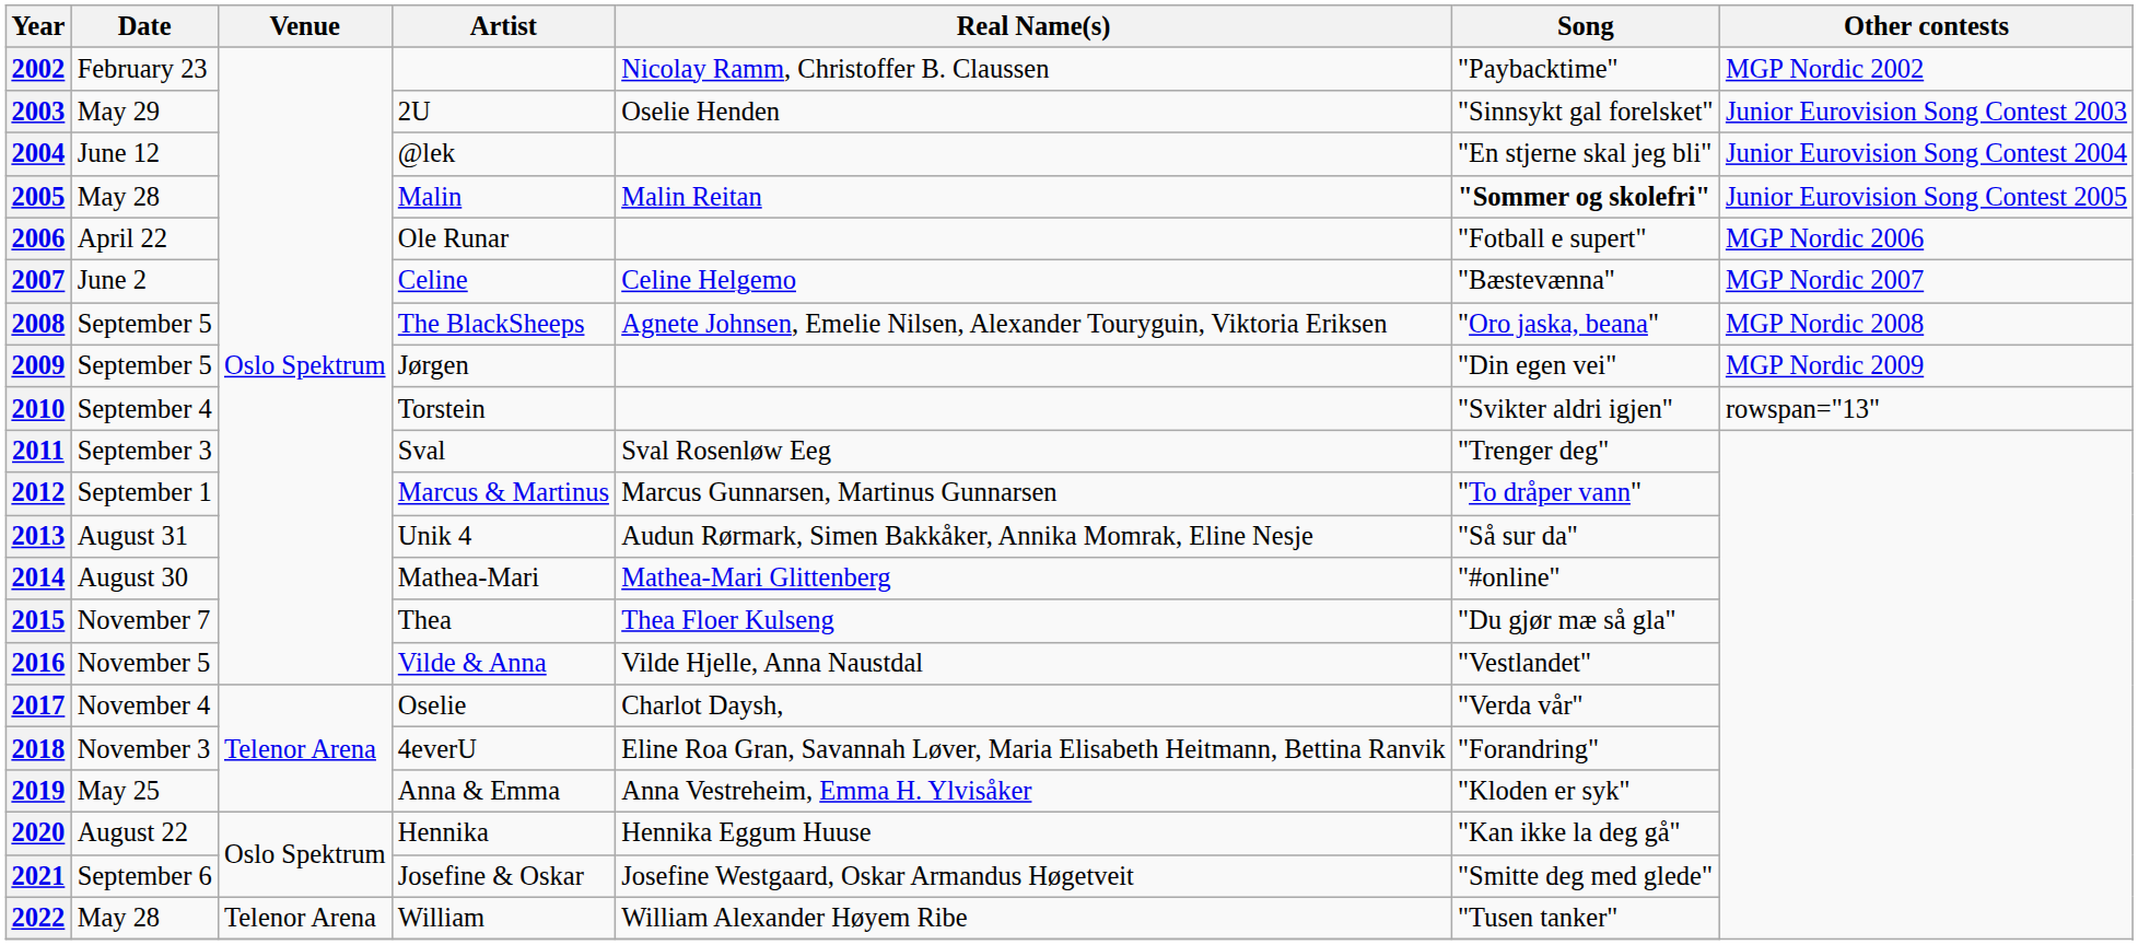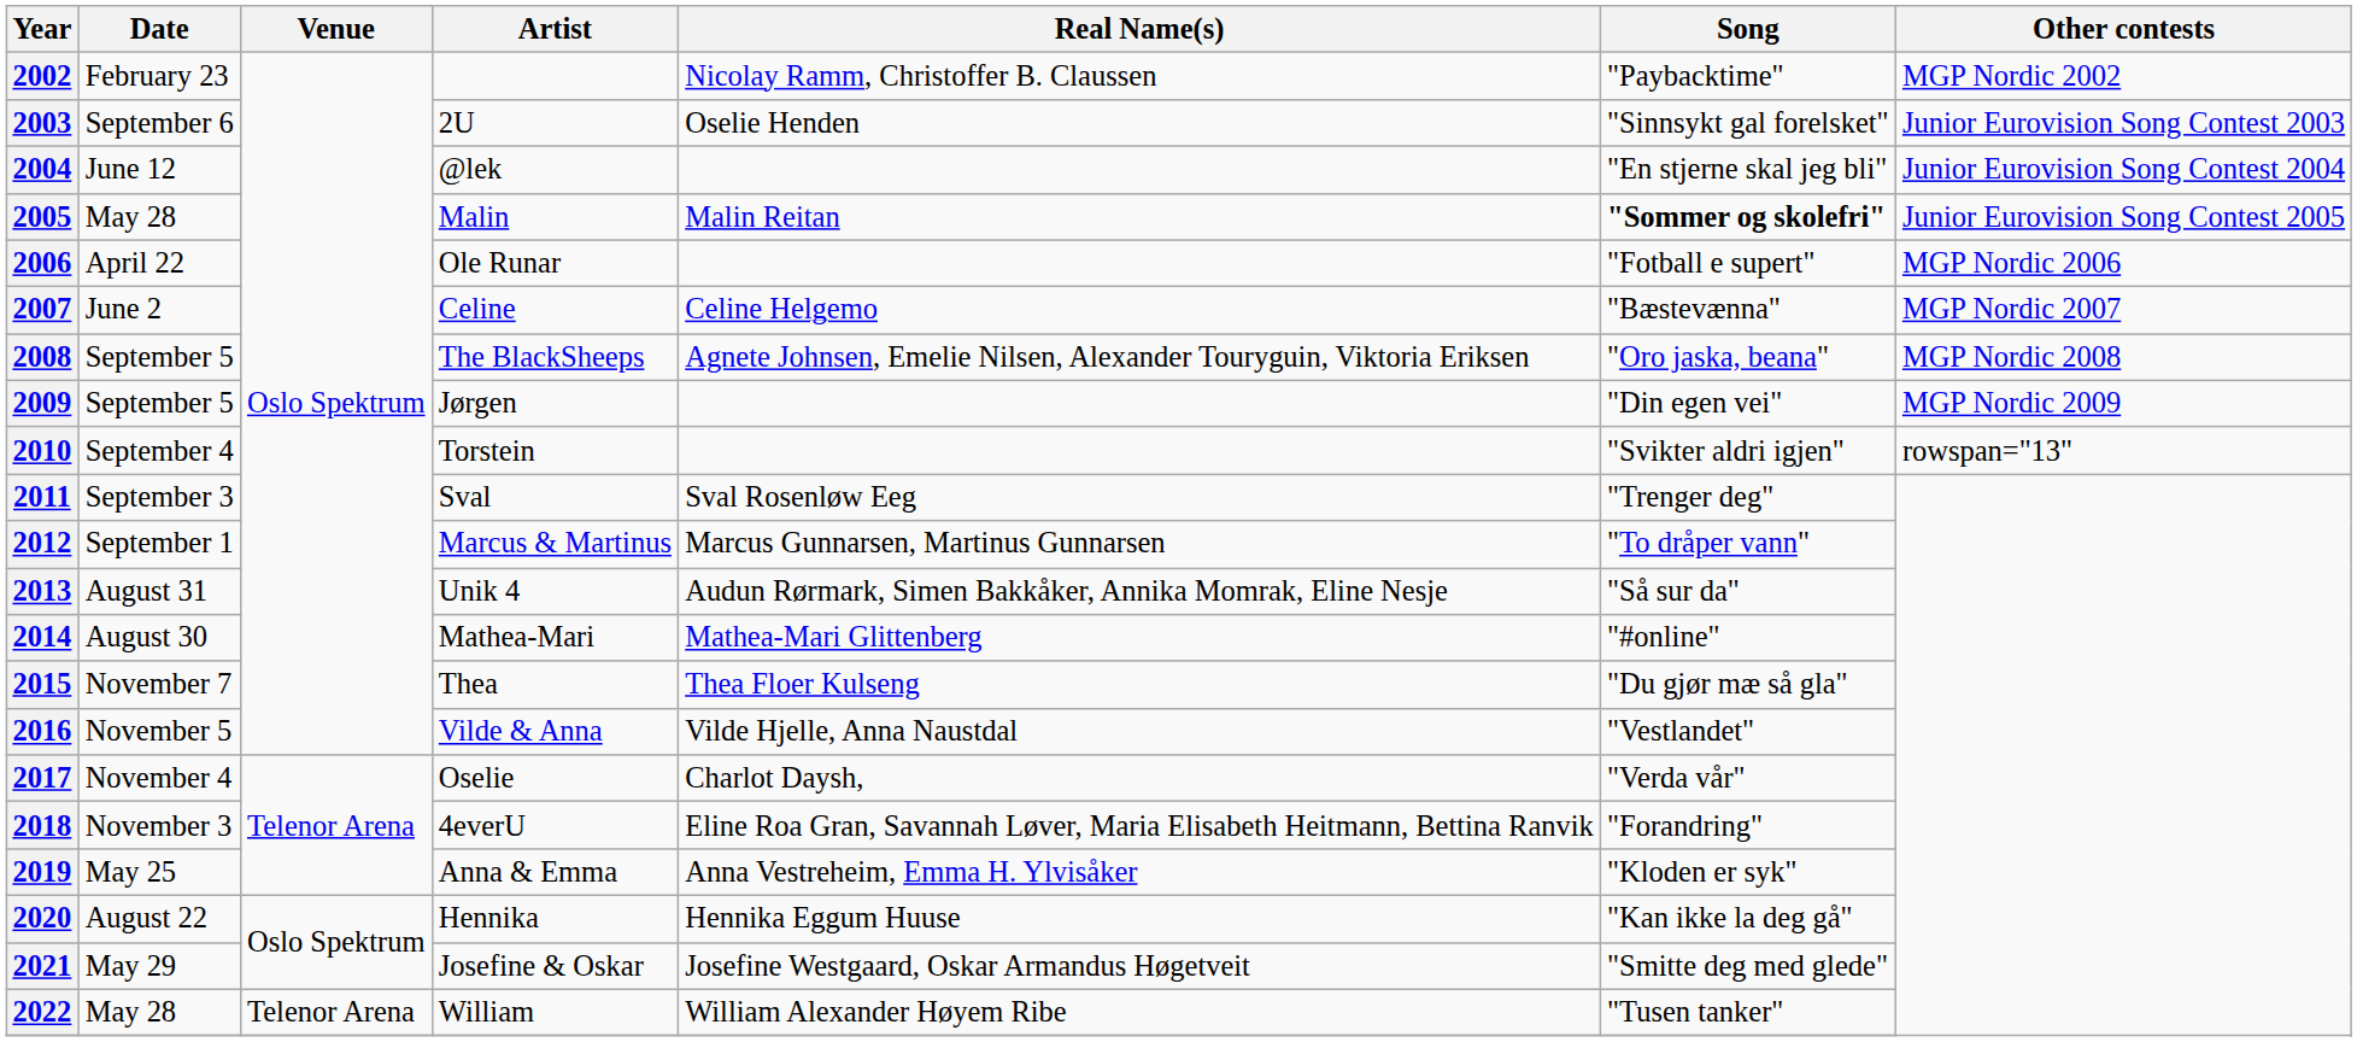 <table class="sortable wikitable" style="margin: 1em auto 1em auto" style="font-size:95%;">
 <tr>
 <th scope="col">Year</th>
 <th scope="col">Date</th>
 <th scope="col">Venue</th>
 <th scope="col">Artist</th>
 <th scope="col">Real Name(s)</th>
 <th scope="col">Song </th>
 <th scope="col">Other contests</th>
 </tr>
 <tr>
 <th scope="row"><a href='#'>2002</a></th>
 <td>February 23</td>
 <td rowspan="15"><a href='#'>Oslo Spektrum</a></td>
 <td></td>
 <td><a href='#'>Nicolay Ramm</a>, Christoffer B. Claussen</td>
 <td>"Paybacktime"</td>
 <td><a href='#'>MGP Nordic 2002</a></td>
 </tr>
 <tr>
 <th scope="row"><a href='#'>2003</a></th>
-<td>May 29</td>
+<td>September 6</td>
 <td>2U</td>
 <td>Oselie Henden</td>
 <td>"Sinnsykt gal forelsket" </td>
 <td><a href='#'>Junior Eurovision Song Contest 2003</a></td>
 </tr>
 <tr>
 <th scope="row"><a href='#'>2004</a></th>
 <td>June 12</td>
 <td>@lek</td>
 <td></td>
 <td>"En stjerne skal jeg bli" </td>
 <td><a href='#'>Junior Eurovision Song Contest 2004</a></td>
 </tr>
 <tr>
 <th scope="row"><a href='#'>2005</a></th>
 <td>May 28</td>
 <td><a href='#'>Malin</a></td>
 <td><a href='#'>Malin Reitan</a></td>
 <td><strong>"Sommer og skolefri" </strong></td>
 <td><a href='#'>Junior Eurovision Song Contest 2005</a></td>
 </tr>
 <tr>
 <th scope="row"><a href='#'>2006</a></th>
 <td>April 22</td>
 <td>Ole Runar</td>
 <td></td>
 <td>"Fotball e supert" </td>
 <td><a href='#'>MGP Nordic 2006</a></td>
 </tr>
 <tr>
 <th scope="row"><a href='#'>2007</a></th>
 <td>June 2</td>
 <td><a href='#'>Celine</a></td>
 <td><a href='#'>Celine Helgemo</a></td>
 <td>"Bæstevænna" </td>
 <td><a href='#'>MGP Nordic 2007</a></td>
 </tr>
 <tr>
 <th scope="row"><a href='#'>2008</a></th>
 <td>September 5</td>
 <td><a href='#'>The BlackSheeps</a></td>
 <td><a href='#'>Agnete Johnsen</a>, Emelie Nilsen, Alexander Touryguin, Viktoria Eriksen</td>
 <td>"<a href='#'>Oro jaska, beana</a>" </td>
 <td><a href='#'>MGP Nordic 2008</a></td>
 </tr>
 <tr>
 <th scope="row"><a href='#'>2009</a></th>
 <td>September 5</td>
 <td>Jørgen</td>
 <td></td>
 <td>"Din egen vei" </td>
 <td><a href='#'>MGP Nordic 2009</a></td>
 </tr>
 <tr>
 <th scope="row"><a href='#'>2010</a></th>
 <td>September 4</td>
 <td>Torstein</td>
 <td></td>
 <td>"Svikter aldri igjen" </td>
 <td>rowspan="13" </td>
 </tr>
 <tr>
 <th scope="row"><a href='#'>2011</a></th>
 <td>September 3</td>
 <td>Sval</td>
 <td>Sval Rosenløw Eeg</td>
 <td>"Trenger deg" </td>
 </tr>
 <tr>
 <th scope="row"><a href='#'>2012</a></th>
 <td>September 1</td>
 <td><a href='#'>Marcus & Martinus</a></td>
 <td>Marcus Gunnarsen, Martinus Gunnarsen</td>
 <td>"<a href='#'>To dråper vann</a>" </td>
 </tr>
 <tr>
 <th scope="row"><a href='#'>2013</a></th>
 <td>August 31</td>
 <td>Unik 4</td>
 <td>Audun Rørmark, Simen Bakkåker, Annika Momrak, Eline Nesje</td>
 <td>"Så sur da" </td>
 </tr>
 <tr>
 <th scope="row"><a href='#'>2014</a></th>
 <td>August 30</td>
 <td>Mathea-Mari</td>
 <td><a href='#'>Mathea-Mari Glittenberg</a></td>
 <td>"#online"</td>
 </tr>
 <tr>
 <th scope="row"><a href='#'>2015</a></th>
 <td>November 7</td>
 <td>Thea</td>
 <td><a href='#'>Thea Floer Kulseng</a></td>
 <td>"Du gjør mæ så gla" </td>
 </tr>
 <tr>
 <th scope="row"><a href='#'>2016</a></th>
 <td>November 5</td>
 <td><a href='#'>Vilde & Anna</a></td>
 <td>Vilde Hjelle, Anna Naustdal</td>
 <td>"Vestlandet" </td>
 </tr>
 <tr>
 <th scope="row"><a href='#'>2017</a></th>
 <td>November 4</td>
 <td rowspan="3"><a href='#'>Telenor Arena</a></td>
 <td>Oselie</td>
 <td>Charlot Daysh, </td>
 <td>"Verda vår" </td>
 </tr>
 <tr>
 <th scope="row"><a href='#'>2018</a></th>
 <td>November 3</td>
 <td>4everU</td>
 <td>Eline Roa Gran, Savannah Løver, Maria Elisabeth Heitmann, Bettina Ranvik</td>
 <td>"Forandring" </td>
 </tr>
 <tr>
 <th scope="row"><a href='#'>2019</a></th>
 <td>May 25</td>
 <td>Anna & Emma</td>
 <td>Anna Vestreheim, <a href='#'>Emma H. Ylvisåker</a></td>
 <td>"Kloden er syk" </td>
 </tr>
 <tr>
 <th scope="row"><a href='#'>2020</a></th>
 <td>August 22</td>
 <td rowspan="2">Oslo Spektrum</td>
 <td>Hennika</td>
 <td>Hennika Eggum Huuse</td>
 <td>"Kan ikke la deg gå" </td>
 </tr>
 <tr>
 <th scope="row"><a href='#'>2021</a></th>
-<td>September 6</td>
+<td>May 29</td>
 <td>Josefine & Oskar</td>
 <td>Josefine Westgaard, Oskar Armandus Høgetveit</td>
 <td>"Smitte deg med glede" </td>
 </tr>
 <tr>
 <th scope="row"><a href='#'>2022</a></th>
 <td>May 28</td>
 <td>Telenor Arena</td>
 <td>William</td>
 <td>William Alexander Høyem Ribe</td>
 <td>"Tusen tanker" </td>
 </tr>
 <tr>
 </tr>
 </table>
